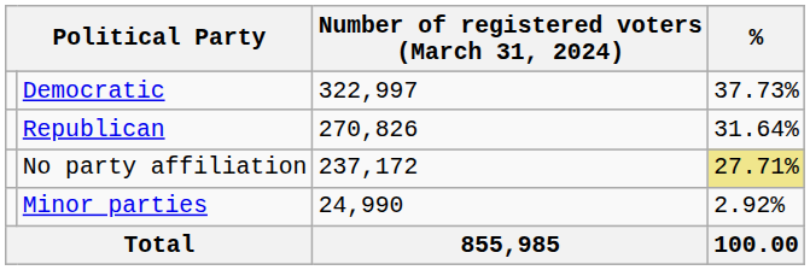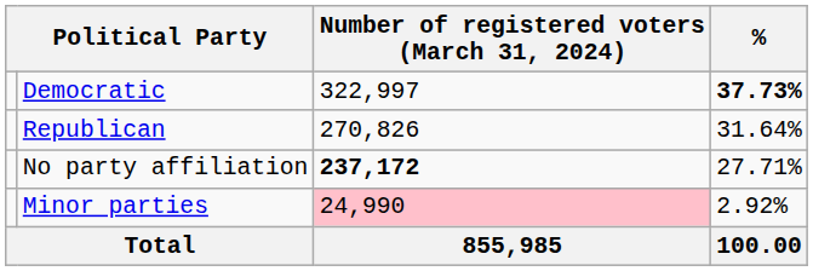 <table class="wikitable">
 <tr>
 <th colspan="2">Political Party</th>
 <th>Number of registered voters<br>(March 31, 2024)</th>
 <th>%</th>
 </tr>
 <tr>
 <td></td>
 <td><a href='#'>Democratic</a></td>
 <td>322,997</td>
-<td>37.73%</td>
+<td><strong>37.73%</strong></td>
 </tr>
 <tr>
 <td></td>
 <td><a href='#'>Republican</a></td>
 <td>270,826</td>
 <td>31.64%</td>
 </tr>
 <tr>
 <td></td>
 <td>No party affiliation</td>
-<td>237,172</td>
-<td style="background: khaki;">27.71%</td>
+<td><strong>237,172</strong></td>
+<td>27.71%</td>
 </tr>
 <tr>
 <td></td>
 <td><a href='#'>Minor parties</a></td>
-<td>24,990</td>
+<td style="background: pink;">24,990</td>
 <td>2.92%</td>
 </tr>
 <tr>
 <th colspan="2">Total</th>
 <th>855,985</th>
 <th>100.00</th>
 </tr>
 </table>
